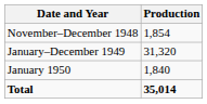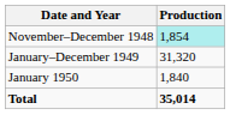 <table class="wikitable">
 <tr>
 <th>Date and Year</th>
 <th>Production</th>
 </tr>
 <tr>
 <td>November–December 1948</td>
-<td>1,854</td>
+<td style="background: paleturquoise;">1,854</td>
 </tr>
 <tr>
 <td>January–December 1949</td>
 <td>31,320</td>
 </tr>
 <tr>
 <td>January 1950</td>
 <td>1,840</td>
 </tr>
 <tr>
 <td><strong>Total</strong></td>
 <td><strong>35,014</strong></td>
 </tr>
 </table>
